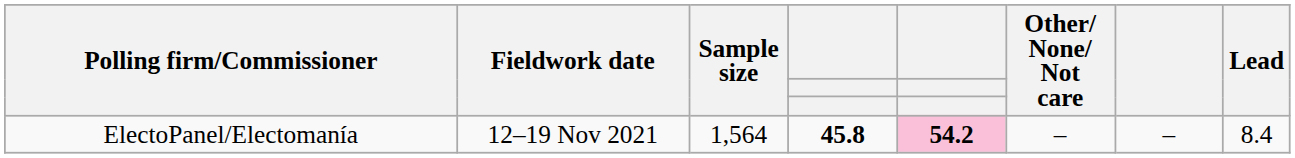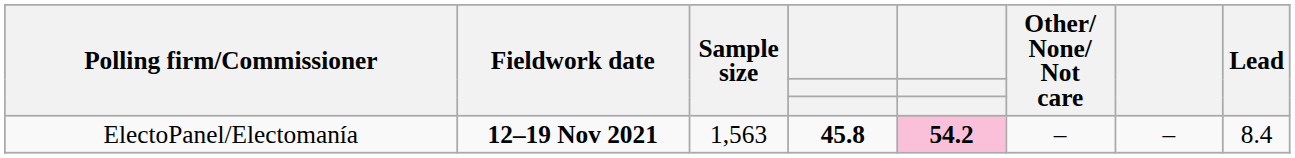 <table class="wikitable collapsible collapsed" style="text-align:center; font-size:90%; line-height:14px;">
 <tr style="height:42px;">
 <th style="width:250px;" rowspan="3">Polling firm/Commissioner</th>
 <th style="width:125px;" rowspan="3">Fieldwork date</th>
 <th style="width:50px;" rowspan="3">Sample size</th>
 <th style="width:55px;"></th>
 <th style="width:55px;"></th>
 <th style="width:55px;" rowspan="3">Other/<br>None/<br>Not<br>care</th>
 <th style="width:55px;" rowspan="3"></th>
 <th style="width:30px;" rowspan="3">Lead</th>
 </tr>
 <tr>
 <th style="color:inherit;background:"></th>
 <th style="color:inherit;background:"></th>
 </tr>
 <tr>
 <th></th>
 <th></th>
 </tr>
 <tr>
 <td>ElectoPanel/Electomanía</td>
-<td>12–19 Nov 2021</td>
-<td>1,564</td>
+<td><strong>12–19 Nov 2021</strong></td>
+<td>1,563</td>
 <td><strong>45.8</strong></td>
 <td style= "background:#FAC0D9;"><strong>54.2</strong></td>
 <td>–</td>
 <td>–</td>
 <td style="background:">8.4</td>
 </tr>
 </table>
